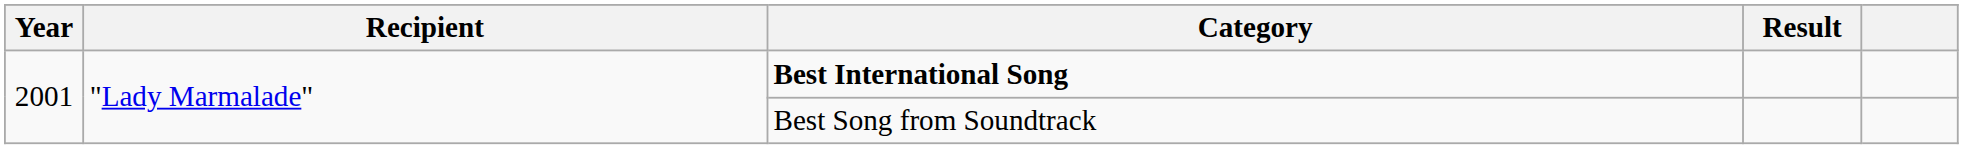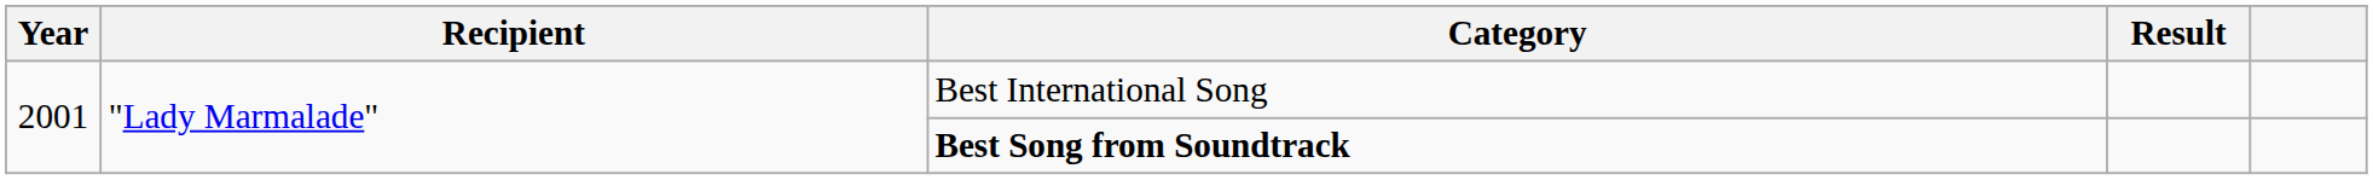 <table class="wikitable plainrowheaders" style="width:85%;">
 <tr>
 <th scope="col" style="width:4%;">Year</th>
 <th scope="col" style="width:35%;">Recipient</th>
 <th scope="col" style="width:50%;">Category</th>
 <th scope="col" style="width:6%;">Result</th>
 <th scope="col" style="width:6%;"></th>
 </tr>
 <tr>
 <td rowspan="2" align="center">2001</td>
 <td rowspan="2">"<a href='#'>Lady Marmalade</a>"</td>
-<td><strong>Best International Song</strong></td>
+<td>Best International Song</td>
 <td></td>
 <td></td>
 </tr>
 <tr>
-<td>Best Song from Soundtrack</td>
+<td><strong>Best Song from Soundtrack</strong></td>
 <td></td>
 <td></td>
 </tr>
 </table>
